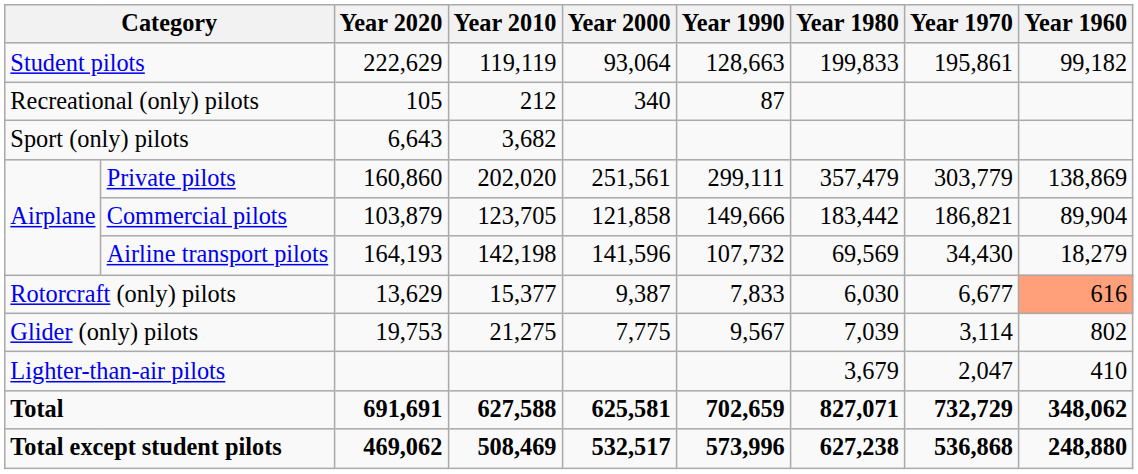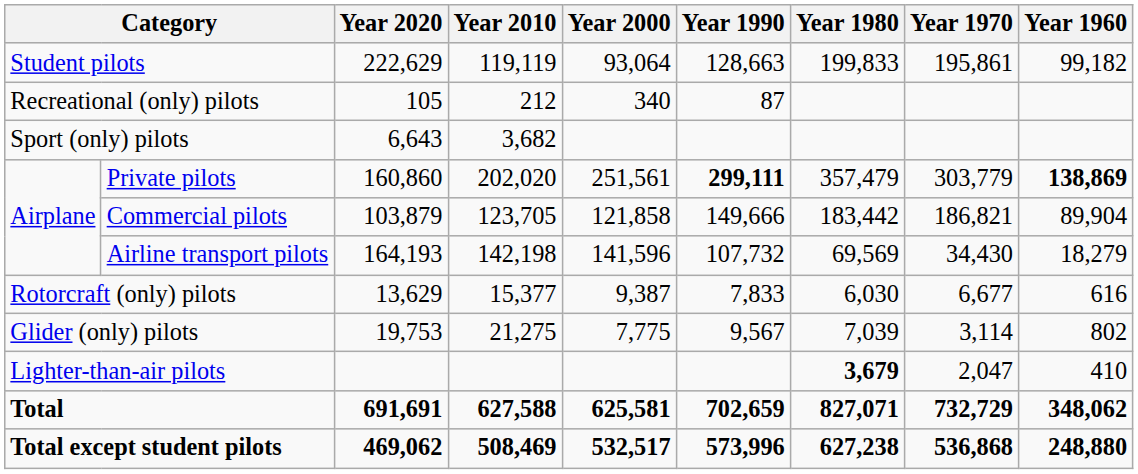 <table class=wikitable style="text-align:right;">
 <tr>
 <th colspan=2>Category</th>
 <th>Year 2020</th>
 <th>Year 2010</th>
 <th>Year 2000</th>
 <th>Year 1990</th>
 <th>Year 1980</th>
 <th>Year 1970</th>
 <th>Year 1960</th>
 </tr>
 <tr>
 <td colspan=2 align=left><a href='#'>Student pilots</a></td>
 <td>222,629</td>
 <td>119,119</td>
 <td>93,064</td>
 <td>128,663</td>
 <td>199,833</td>
 <td>195,861</td>
 <td>99,182</td>
 </tr>
 <tr>
 <td colspan=2 align=left>Recreational (only) pilots</td>
 <td>105</td>
 <td>212</td>
 <td>340</td>
 <td>87</td>
 <td></td>
 <td></td>
 <td></td>
 </tr>
 <tr>
 <td colspan=2 align=left>Sport (only) pilots</td>
 <td>6,643</td>
 <td>3,682</td>
 <td></td>
 <td></td>
 <td></td>
 <td></td>
 <td></td>
 </tr>
 <tr>
 <td rowspan=3 align=left><a href='#'>Airplane</a></td>
 <td align=left><a href='#'>Private pilots</a></td>
 <td>160,860</td>
 <td>202,020</td>
 <td>251,561</td>
-<td>299,111</td>
+<td><strong>299,111</strong></td>
 <td>357,479</td>
 <td>303,779</td>
-<td>138,869</td>
+<td><strong>138,869</strong></td>
 </tr>
 <tr>
 <td align=left><a href='#'>Commercial pilots</a></td>
 <td>103,879</td>
 <td>123,705</td>
 <td>121,858</td>
 <td>149,666</td>
 <td>183,442</td>
 <td>186,821</td>
 <td>89,904</td>
 </tr>
 <tr>
 <td align=left><a href='#'>Airline transport pilots</a></td>
 <td>164,193</td>
 <td>142,198</td>
 <td>141,596</td>
 <td>107,732</td>
 <td>69,569</td>
 <td>34,430</td>
 <td>18,279</td>
 </tr>
 <tr>
 <td colspan=2 align=left><a href='#'>Rotorcraft</a> (only) pilots</td>
 <td>13,629</td>
 <td>15,377</td>
 <td>9,387</td>
 <td>7,833</td>
 <td>6,030</td>
 <td>6,677</td>
-<td style="background: lightsalmon;">616</td>
+<td>616</td>
 </tr>
 <tr>
 <td colspan=2 align=left><a href='#'>Glider</a> (only) pilots</td>
 <td>19,753</td>
 <td>21,275</td>
 <td>7,775</td>
 <td>9,567</td>
 <td>7,039</td>
 <td>3,114</td>
 <td>802</td>
 </tr>
 <tr>
 <td colspan=2 align=left><a href='#'>Lighter-than-air pilots</a></td>
 <td></td>
 <td></td>
 <td></td>
 <td></td>
-<td>3,679</td>
+<td><strong>3,679</strong></td>
 <td>2,047</td>
 <td>410</td>
 </tr>
 <tr style="font-weight:bold;">
 <td colspan=2 align=left>Total</td>
 <td>691,691</td>
 <td>627,588</td>
 <td>625,581</td>
 <td>702,659</td>
 <td>827,071</td>
 <td>732,729</td>
 <td>348,062</td>
 </tr>
 <tr style="font-weight:bold;">
 <td colspan=2 align=left>Total except student pilots</td>
 <td>469,062</td>
 <td>508,469</td>
 <td>532,517</td>
 <td>573,996</td>
 <td>627,238</td>
 <td>536,868</td>
 <td>248,880</td>
 </tr>
 </table>
